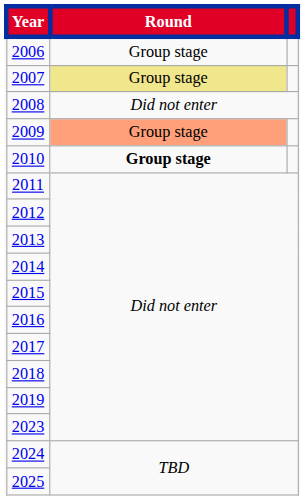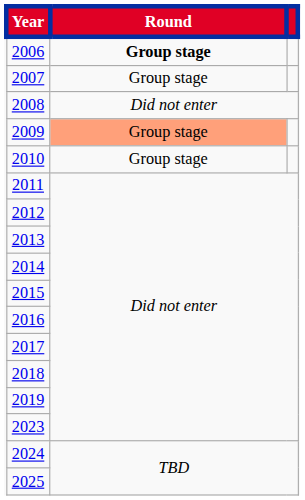 <table class="wikitable" style="text-align: center; font-size:90%">
 <tr style="color:white;">
 <th style="background:#e00025; border: 4px solid #032ea1;">Year</th>
 <th style="background:#e00025; border: 4px solid #032ea1; width:200px">Round</th>
 <th style="background:#e00025; border: 4px solid #032ea1;"></th>
 </tr>
 <tr>
 <td><a href='#'>2006</a></td>
-<td>Group stage</td>
+<td><strong>Group stage</strong></td>
 <td></td>
 </tr>
 <tr>
 <td><a href='#'>2007</a></td>
-<td style="background: khaki;">Group stage</td>
+<td>Group stage</td>
 <td></td>
 </tr>
 <tr>
 <td><a href='#'>2008</a></td>
 <td colspan="2"><em>Did not enter</em></td>
 </tr>
 <tr>
 <td><a href='#'>2009</a></td>
 <td style="background: lightsalmon;">Group stage</td>
 <td></td>
 </tr>
 <tr>
 <td><a href='#'>2010</a></td>
-<td><strong>Group stage</strong></td>
+<td>Group stage</td>
 <td></td>
 </tr>
 <tr>
 <td><a href='#'>2011</a></td>
 <td colspan="2" rowspan="10"><em>Did not enter</em></td>
 </tr>
 <tr>
 <td><a href='#'>2012</a></td>
 </tr>
 <tr>
 <td><a href='#'>2013</a></td>
 </tr>
 <tr>
 <td><a href='#'>2014</a></td>
 </tr>
 <tr>
 <td><a href='#'>2015</a></td>
 </tr>
 <tr>
 <td><a href='#'>2016</a></td>
 </tr>
 <tr>
 <td><a href='#'>2017</a></td>
 </tr>
 <tr>
 <td><a href='#'>2018</a></td>
 </tr>
 <tr>
 <td><a href='#'>2019</a></td>
 </tr>
 <tr>
 <td><a href='#'>2023</a></td>
 </tr>
 <tr>
 <td><a href='#'>2024</a></td>
 <td colspan="2" rowspan="2"><em>TBD</em></td>
 </tr>
 <tr>
 <td><a href='#'>2025</a></td>
 </tr>
 </table>
